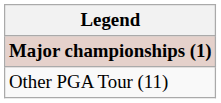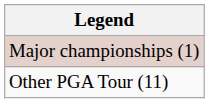 <table class="wikitable" style="font-size:95%;">
 <tr>
 <th>Legend</th>
 </tr>
 <tr style="background:#e5d1cb;">
-<td><strong>Major championships (1)</strong></td>
+<td>Major championships (1)</td>
 </tr>
 <tr>
 <td>Other PGA Tour (11)</td>
 </tr>
 </table>
